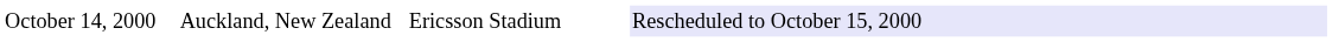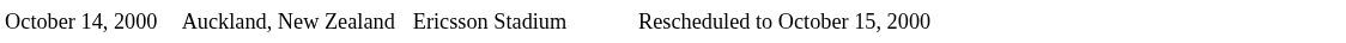 <table cellpadding="2" style="border:0 solid darkgrey; font-size:90%">
 <tr>
 <th style="width:150px;"></th>
 <th style="width:200px;"></th>
 <th style="width:200px;"></th>
 <th style="width:700px;"></th>
 </tr>
 <tr border="0">
 </tr>
 <tr>
 <td>October 14, 2000</td>
 <td>Auckland, New Zealand</td>
 <td>Ericsson Stadium</td>
-<td style="background: lavender;">Rescheduled to October 15, 2000</td>
+<td>Rescheduled to October 15, 2000</td>
 </tr>
 </table>
